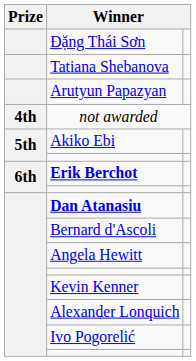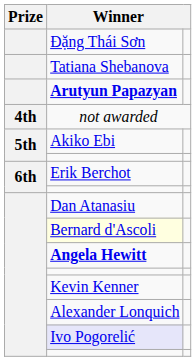 <table class="wikitable">
 <tr>
 <th>Prize</th>
 <th colspan="2">Winner</th>
 </tr>
 <tr>
 <th></th>
 <td><a href='#'>Đặng Thái Sơn</a></td>
 <td></td>
 </tr>
 <tr>
 <th></th>
 <td><a href='#'>Tatiana Shebanova</a></td>
 <td></td>
 </tr>
 <tr>
 <th></th>
-<td><a href='#'>Arutyun Papazyan</a></td>
+<td><strong><a href='#'>Arutyun Papazyan</a></strong></td>
 <td></td>
 </tr>
 <tr>
 <th>4th</th>
 <td colspan="2" align="center"><em>not awarded</em></td>
 </tr>
 <tr>
 <th rowspan="2">5th</th>
 <td><a href='#'>Akiko Ebi</a></td>
 <td></td>
 </tr>
 <tr>
 <td></td>
 <td></td>
 </tr>
 <tr>
 <th rowspan="2">6th</th>
-<td><strong><a href='#'>Erik Berchot</a></strong></td>
+<td><a href='#'>Erik Berchot</a></td>
 <td></td>
 </tr>
 <tr>
 <td></td>
 <td></td>
 </tr>
 <tr>
 <th rowspan="8"></th>
-<td><strong><a href='#'>Dan Atanasiu</a></strong></td>
+<td><a href='#'>Dan Atanasiu</a></td>
 <td></td>
 </tr>
 <tr>
-<td><a href='#'>Bernard d'Ascoli</a></td>
+<td style="background: lightyellow;"><a href='#'>Bernard d'Ascoli</a></td>
 <td></td>
 </tr>
 <tr>
-<td><a href='#'>Angela Hewitt</a></td>
+<td><strong><a href='#'>Angela Hewitt</a></strong></td>
 <td></td>
 </tr>
 <tr>
 <td></td>
 <td></td>
 </tr>
 <tr>
 <td><a href='#'>Kevin Kenner</a></td>
 <td></td>
 </tr>
 <tr>
 <td><a href='#'>Alexander Lonquich</a></td>
 <td></td>
 </tr>
 <tr>
-<td><a href='#'>Ivo Pogorelić</a></td>
+<td style="background: lavender;"><a href='#'>Ivo Pogorelić</a></td>
 <td></td>
 </tr>
 <tr>
 <td></td>
 <td></td>
 </tr>
 </table>
